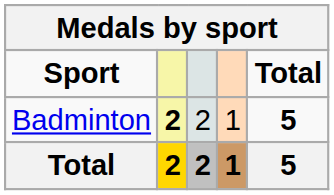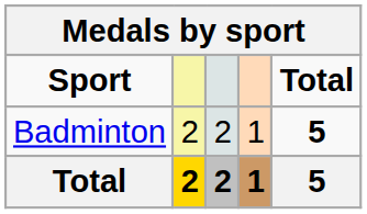 <table class="wikitable" style=font-size:85%;float:center;text-align:center>
 <tr style="background:#efefef;">
 <th colspan=5><strong>Medals by sport</strong></th>
 </tr>
 <tr align=center>
 <td><strong>Sport</strong></td>
 <td bgcolor=#f7f6a8></td>
 <td bgcolor=#dce5e5></td>
 <td bgcolor=#ffdab9></td>
 <td><strong>Total</strong></td>
 </tr>
 <tr align=center>
 <td><a href='#'>Badminton</a></td>
-<td style="background:#F7F6A8;"><strong>2</strong></td>
+<td style="background:#F7F6A8;">2</td>
 <td style="background:#DCE5E5;">2</td>
 <td style="background:#FFDAB9;">1</td>
 <td><strong>5</strong></td>
 </tr>
 <tr align=center>
 <th><strong>Total</strong></th>
 <th style="background:gold;"><strong>2</strong></th>
 <th style="background:silver;"><strong>2</strong></th>
 <th style="background:#c96;"><strong>1</strong></th>
 <th><strong>5</strong></th>
 </tr>
 </table>
